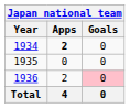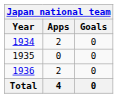 <table class="wikitable" style="text-align:center">
 <tr>
 <th colspan=3><a href='#'>Japan national team</a></th>
 </tr>
 <tr>
 <th>Year</th>
 <th>Apps</th>
 <th>Goals</th>
 </tr>
 <tr>
 <td><a href='#'>1934</a></td>
-<td><strong>2</strong></td>
+<td>2</td>
 <td>0</td>
 </tr>
 <tr>
 <td>1935</td>
 <td>0</td>
 <td>0</td>
 </tr>
 <tr>
 <td><a href='#'>1936</a></td>
 <td>2</td>
-<td style="background: pink;">0</td>
+<td>0</td>
 </tr>
 <tr>
 <th>Total</th>
 <th>4</th>
 <th>0</th>
 </tr>
 </table>
